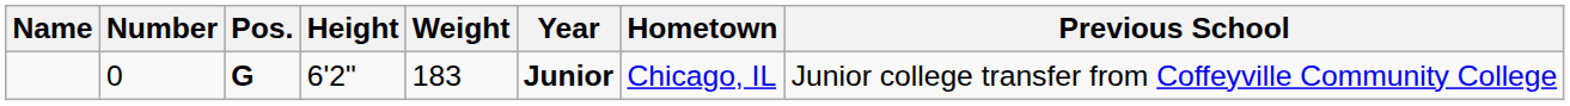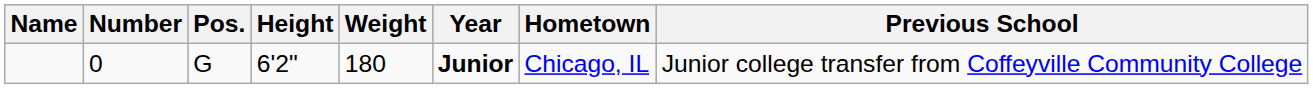 <table class="wikitable sortable" border="1">
 <tr>
 <th>Name</th>
 <th>Number</th>
 <th>Pos.</th>
 <th>Height</th>
 <th>Weight</th>
 <th>Year</th>
 <th>Hometown</th>
 <th class="unsortable">Previous School</th>
 </tr>
 <tr>
 <td></td>
 <td>0</td>
-<td><strong>G</strong></td>
+<td>G</td>
 <td>6'2"</td>
-<td>183</td>
+<td>180</td>
 <td><strong>Junior</strong></td>
 <td><a href='#'>Chicago, IL</a></td>
 <td>Junior college transfer from <a href='#'>Coffeyville Community College</a></td>
 </tr>
 </table>
